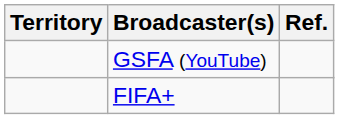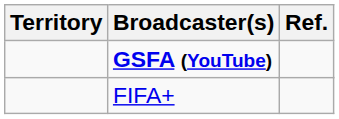 <table class="wikitable sortable">
 <tr>
 <th>Territory</th>
 <th>Broadcaster(s)</th>
 <th>Ref.</th>
 </tr>
 <tr>
 <td rowspan="2"></td>
-<td><a href='#'>GSFA</a> <small>(<a href='#'>YouTube</a>)</small></td>
+<td><strong><a href='#'>GSFA</a> <small>(<a href='#'>YouTube</a>)</small></strong></td>
 <td></td>
 </tr>
 <tr>
 <td rowspan="2"><a href='#'>FIFA+</a></td>
 <td rowspan="2"></td>
 </tr>
 <tr>
 </tr>
 </table>
